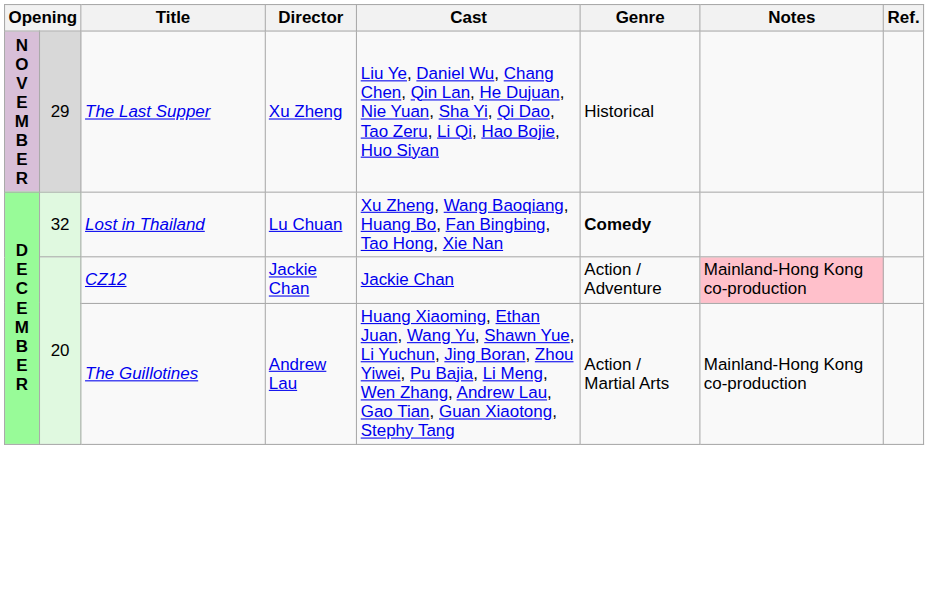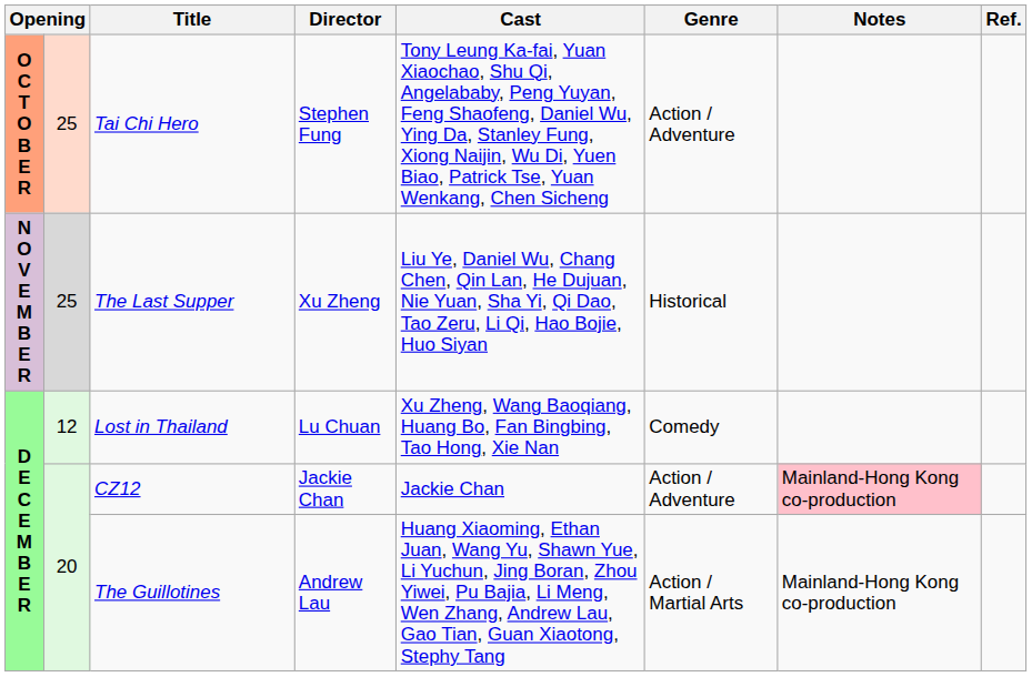 <table class="wikitable">
 <tr>
 <th colspan="2">Opening</th>
 <th style="width:20%;">Title</th>
 <th style="width:10%;">Director</th>
 <th>Cast</th>
 <th style="width:13%">Genre</th>
 <th style="width:20%">Notes</th>
 <th>Ref.</th>
 </tr>
 <tr>
+<td rowspan=1 style="text-align:center; background:#ffa07a; textcolor:#000;"><strong>O<br>C<br>T<br>O<br>B<br>E<br>R</strong></td>
+<td rowspan=1 style="text-align:center; background:#ffdacc; textcolor:#000;">25</td>
+<td><em><a href='#'>Tai Chi Hero</a></em></td>
+<td><a href='#'>Stephen Fung</a></td>
+<td><a href='#'>Tony Leung Ka-fai</a>, <a href='#'>Yuan Xiaochao</a>, <a href='#'>Shu Qi</a>, <a href='#'>Angelababy</a>, <a href='#'>Peng Yuyan</a>, <a href='#'>Feng Shaofeng</a>, <a href='#'>Daniel Wu</a>, <a href='#'>Ying Da</a>, <a href='#'>Stanley Fung</a>, <a href='#'>Xiong Naijin</a>, <a href='#'>Wu Di</a>, <a href='#'>Yuen Biao</a>, <a href='#'>Patrick Tse</a>, <a href='#'>Yuan Wenkang</a>, <a href='#'>Chen Sicheng</a></td>
+<td>Action / Adventure</td>
+<td></td>
+<td style="text-align:center;"></td>
+</tr>
+<tr>
 <td rowspan=1 style="text-align:center; background:thistle; textcolor:#000;"><strong>N<br>O<br>V<br>E<br>M<br>B<br>E<br>R</strong></td>
-<td rowspan=1 style="text-align:center; background:#d8d8d8; textcolor:000;">29</td>
+<td rowspan=1 style="text-align:center; background:#d8d8d8; textcolor:000;">25</td>
 <td><em><a href='#'>The Last Supper</a></em></td>
 <td><a href='#'>Xu Zheng</a></td>
 <td><a href='#'>Liu Ye</a>, <a href='#'>Daniel Wu</a>, <a href='#'>Chang Chen</a>, <a href='#'>Qin Lan</a>, <a href='#'>He Dujuan</a>, <a href='#'>Nie Yuan</a>, <a href='#'>Sha Yi</a>, <a href='#'>Qi Dao</a>, <a href='#'>Tao Zeru</a>, <a href='#'>Li Qi</a>, <a href='#'>Hao Bojie</a>, <a href='#'>Huo Siyan</a></td>
 <td>Historical</td>
 <td></td>
 <td style="text-align:center;"></td>
 </tr>
 <tr>
 <td rowspan=3 style="text-align:center; background:#98fb98; textcolor:#000;"><strong>D<br>E<br>C<br>E<br>M<br>B<br>E<br>R</strong></td>
-<td rowspan=1 style="text-align:center; background:#e0f9e0; textcolor:000;">32</td>
+<td rowspan=1 style="text-align:center; background:#e0f9e0; textcolor:000;">12</td>
 <td><em><a href='#'>Lost in Thailand</a></em></td>
 <td><a href='#'>Lu Chuan</a></td>
 <td><a href='#'>Xu Zheng</a>, <a href='#'>Wang Baoqiang</a>, <a href='#'>Huang Bo</a>, <a href='#'>Fan Bingbing</a>, <a href='#'>Tao Hong</a>, <a href='#'>Xie Nan</a></td>
-<td><strong>Comedy</strong></td>
+<td>Comedy</td>
 <td></td>
 <td style="text-align:center;"></td>
 </tr>
 <tr>
 <td rowspan=2 style="text-align:center; background:#e0f9e0; textcolor:000;">20</td>
 <td><em><a href='#'>CZ12</a></em></td>
 <td><a href='#'>Jackie Chan</a></td>
 <td><a href='#'>Jackie Chan</a></td>
 <td>Action / Adventure</td>
 <td style="background: pink;">Mainland-Hong Kong co-production</td>
 <td style="text-align:center;"></td>
 </tr>
 <tr>
 <td><em><a href='#'>The Guillotines</a></em></td>
 <td><a href='#'>Andrew Lau</a></td>
 <td><a href='#'>Huang Xiaoming</a>, <a href='#'>Ethan Juan</a>, <a href='#'>Wang Yu</a>, <a href='#'>Shawn Yue</a>, <a href='#'>Li Yuchun</a>, <a href='#'>Jing Boran</a>, <a href='#'>Zhou Yiwei</a>, <a href='#'>Pu Bajia</a>, <a href='#'>Li Meng</a>, <a href='#'>Wen Zhang</a>, <a href='#'>Andrew Lau</a>, <a href='#'>Gao Tian</a>, <a href='#'>Guan Xiaotong</a>, <a href='#'>Stephy Tang</a></td>
 <td>Action / Martial Arts</td>
 <td>Mainland-Hong Kong co-production</td>
 <td style="text-align:center;"></td>
 </tr>
 </table>
